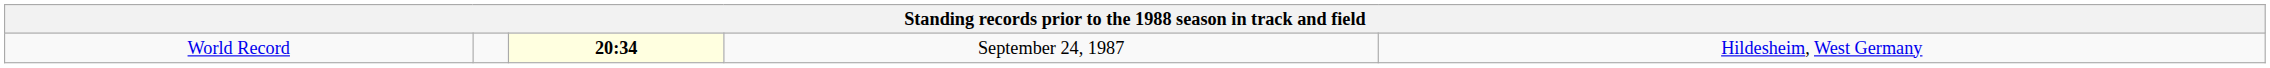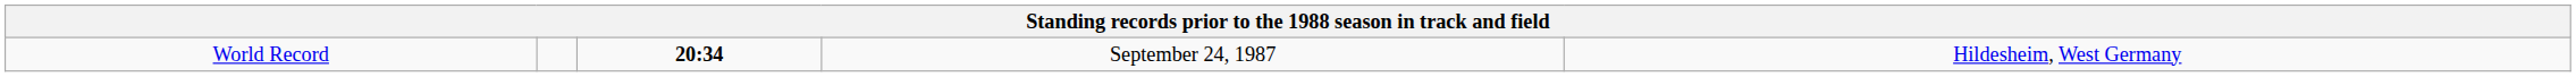 <table class="wikitable" style="text-align:center;width:100%">
 <tr>
 <th colspan="5">Standing records prior to the 1988 season in track and field</th>
 </tr>
 <tr>
 <td><a href='#'>World Record</a></td>
 <td></td>
-<td style="background: lightyellow;"><strong>20:34</strong></td>
+<td><strong>20:34</strong></td>
 <td>September 24, 1987</td>
 <td> <a href='#'>Hildesheim</a>, <a href='#'>West Germany</a></td>
 </tr>
 </table>
